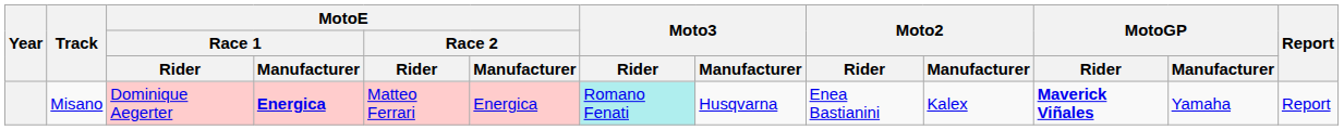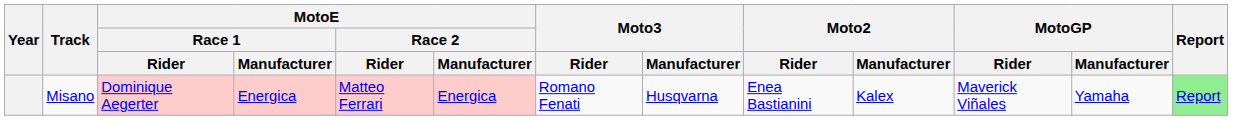 <table class="wikitable" style="font-size: 95%;">
 <tr>
 <th rowspan=3>Year</th>
 <th rowspan=3>Track</th>
 <th colspan=4>MotoE</th>
 <th colspan=2 rowspan=2>Moto3</th>
 <th colspan=2 rowspan=2>Moto2</th>
 <th colspan=2 rowspan=2>MotoGP</th>
 <th rowspan=3>Report</th>
 </tr>
 <tr>
 <th colspan=2>Race 1</th>
 <th colspan=2>Race 2</th>
 </tr>
 <tr>
 <th>Rider</th>
 <th>Manufacturer</th>
 <th>Rider</th>
 <th>Manufacturer</th>
 <th>Rider</th>
 <th>Manufacturer</th>
 <th>Rider</th>
 <th>Manufacturer</th>
 <th>Rider</th>
 <th>Manufacturer</th>
 </tr>
 <tr>
 <th></th>
 <td><a href='#'>Misano</a></td>
 <td style="background:#FFCCCC;"> <a href='#'>Dominique Aegerter</a></td>
-<td style="background:#FFCCCC;"><strong><a href='#'>Energica</a></strong></td>
+<td style="background:#FFCCCC;"><a href='#'>Energica</a></td>
 <td style="background:#FFCCCC;"> <a href='#'>Matteo Ferrari</a></td>
 <td style="background:#FFCCCC;"><a href='#'>Energica</a></td>
-<td style="background: paleturquoise;"> <a href='#'>Romano Fenati</a></td>
+<td> <a href='#'>Romano Fenati</a></td>
 <td><a href='#'>Husqvarna</a></td>
 <td> <a href='#'>Enea Bastianini</a></td>
 <td><a href='#'>Kalex</a></td>
-<td><strong> <a href='#'>Maverick Viñales</a></strong></td>
+<td> <a href='#'>Maverick Viñales</a></td>
 <td><a href='#'>Yamaha</a></td>
-<td><a href='#'>Report</a></td>
+<td style="background: lightgreen;"><a href='#'>Report</a></td>
 </tr>
 </table>
